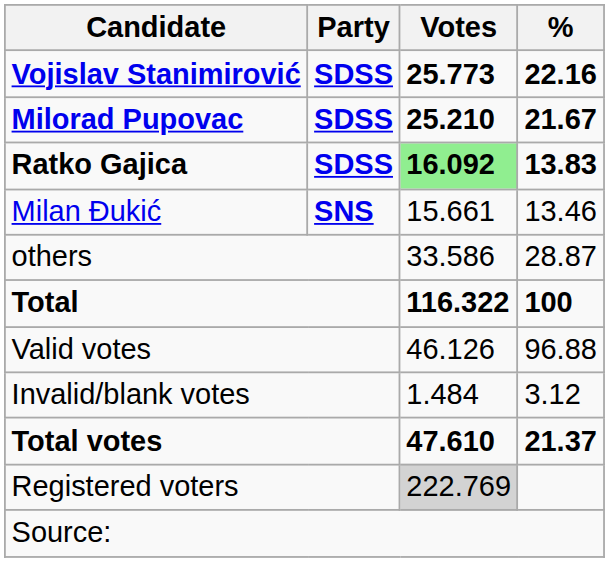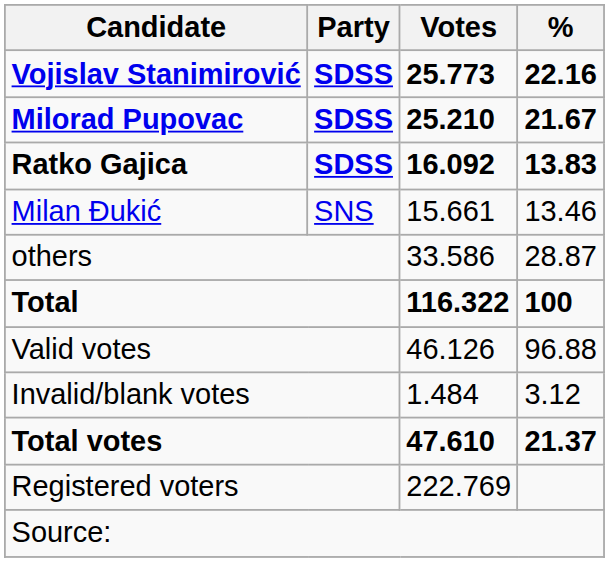 <table class="wikitable" style="text-align: left;">
 <tr>
 <th>Candidate</th>
 <th>Party</th>
 <th>Votes</th>
 <th>%</th>
 </tr>
 <tr>
 <td><a href='#'><strong>Vojislav Stanimirović</strong></a></td>
 <td><a href='#'><strong>SDSS</strong></a></td>
 <td><strong>25.773</strong></td>
 <td><strong>22.16</strong></td>
 </tr>
 <tr>
 <td><strong><a href='#'>Milorad Pupovac</a></strong></td>
 <td><a href='#'><strong>SDSS</strong></a></td>
 <td><strong>25.210</strong></td>
 <td><strong>21.67</strong></td>
 </tr>
 <tr>
 <td><strong>Ratko Gajica</strong></td>
 <td><a href='#'><strong>SDSS</strong></a></td>
-<td style="background: lightgreen;"><strong>16.092</strong></td>
+<td><strong>16.092</strong></td>
 <td><strong>13.83</strong></td>
 </tr>
 <tr>
 <td><a href='#'>Milan Đukić</a></td>
-<td><strong><a href='#'>SNS</a></strong></td>
+<td><a href='#'>SNS</a></td>
 <td>15.661</td>
 <td>13.46</td>
 </tr>
 <tr>
 <td colspan="2">others</td>
 <td>33.586</td>
 <td>28.87</td>
 </tr>
 <tr>
 <td colspan="2"><strong>Total</strong></td>
 <td><strong>116.322</strong></td>
 <td><strong>100</strong></td>
 </tr>
 <tr>
 <td colspan="2">Valid votes</td>
 <td>46.126</td>
 <td>96.88</td>
 </tr>
 <tr>
 <td colspan="2">Invalid/blank votes</td>
 <td>1.484</td>
 <td>3.12</td>
 </tr>
 <tr>
 <td colspan="2"><strong>Total votes</strong></td>
 <td><strong>47.610</strong></td>
 <td><strong>21.37</strong></td>
 </tr>
 <tr>
 <td colspan="2">Registered voters</td>
-<td style="background: lightgrey;">222.769</td>
+<td>222.769</td>
 <td></td>
 </tr>
 <tr>
 <td colspan="4">Source: </td>
 </tr>
 </table>
